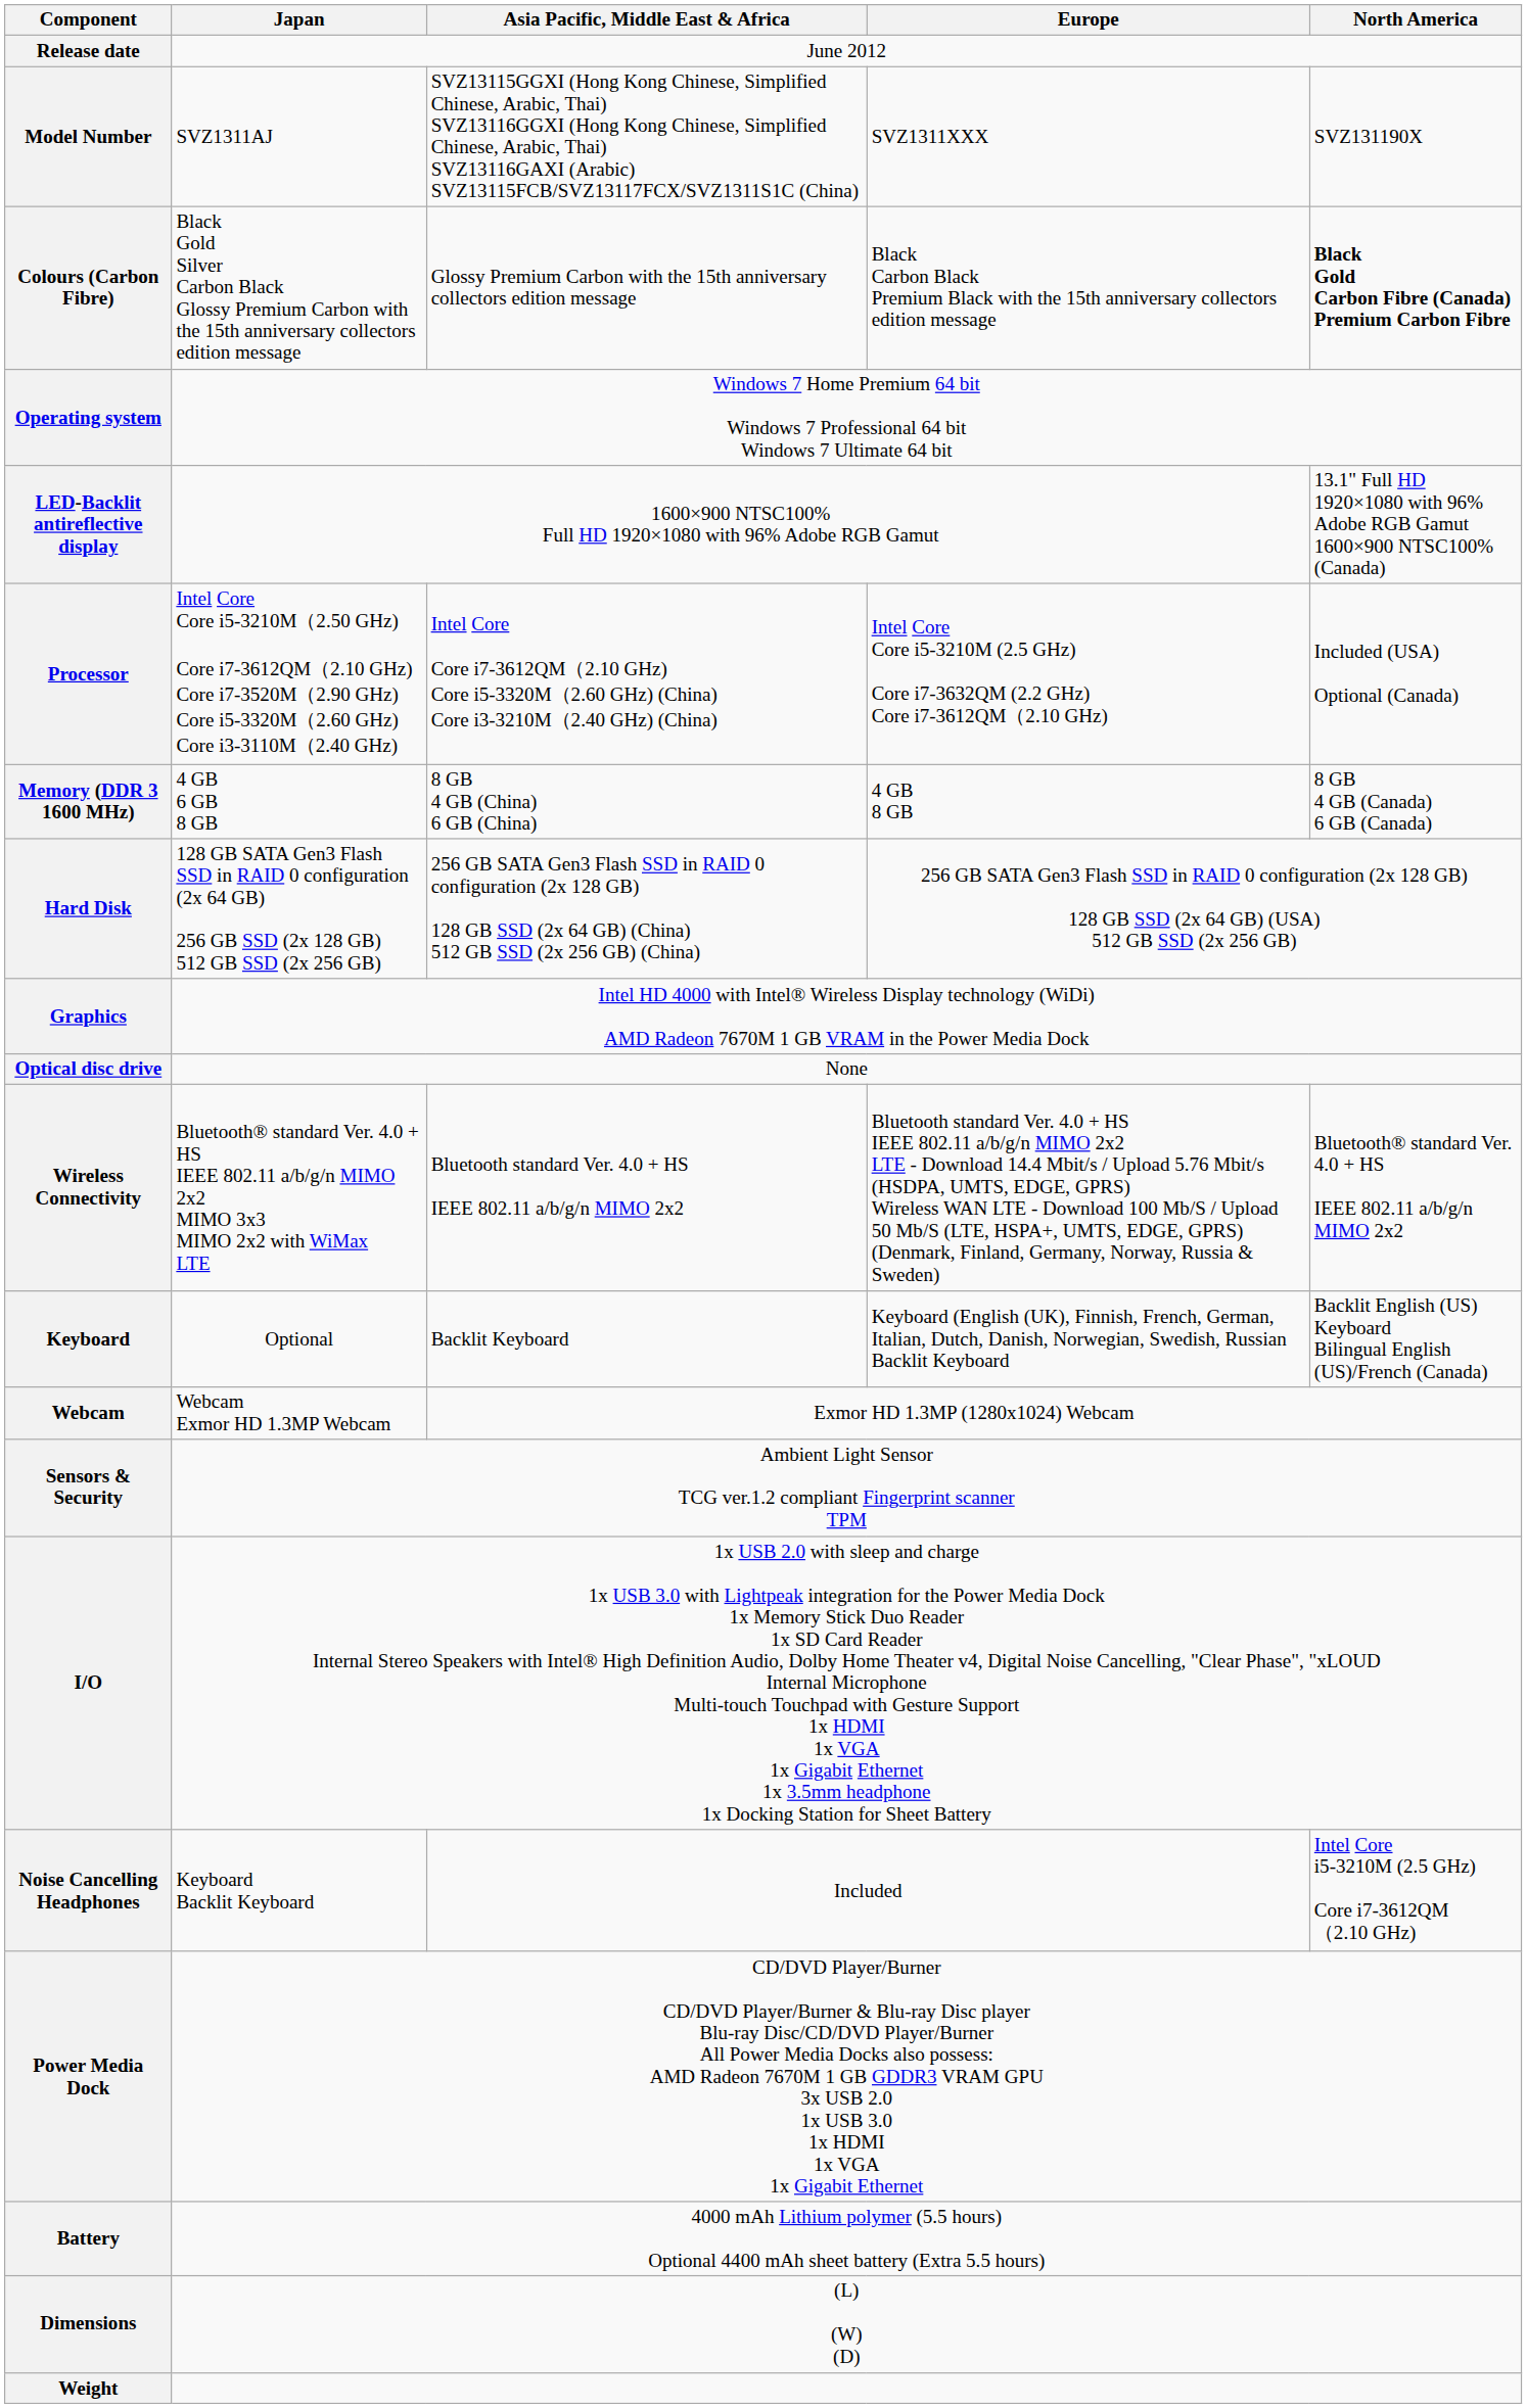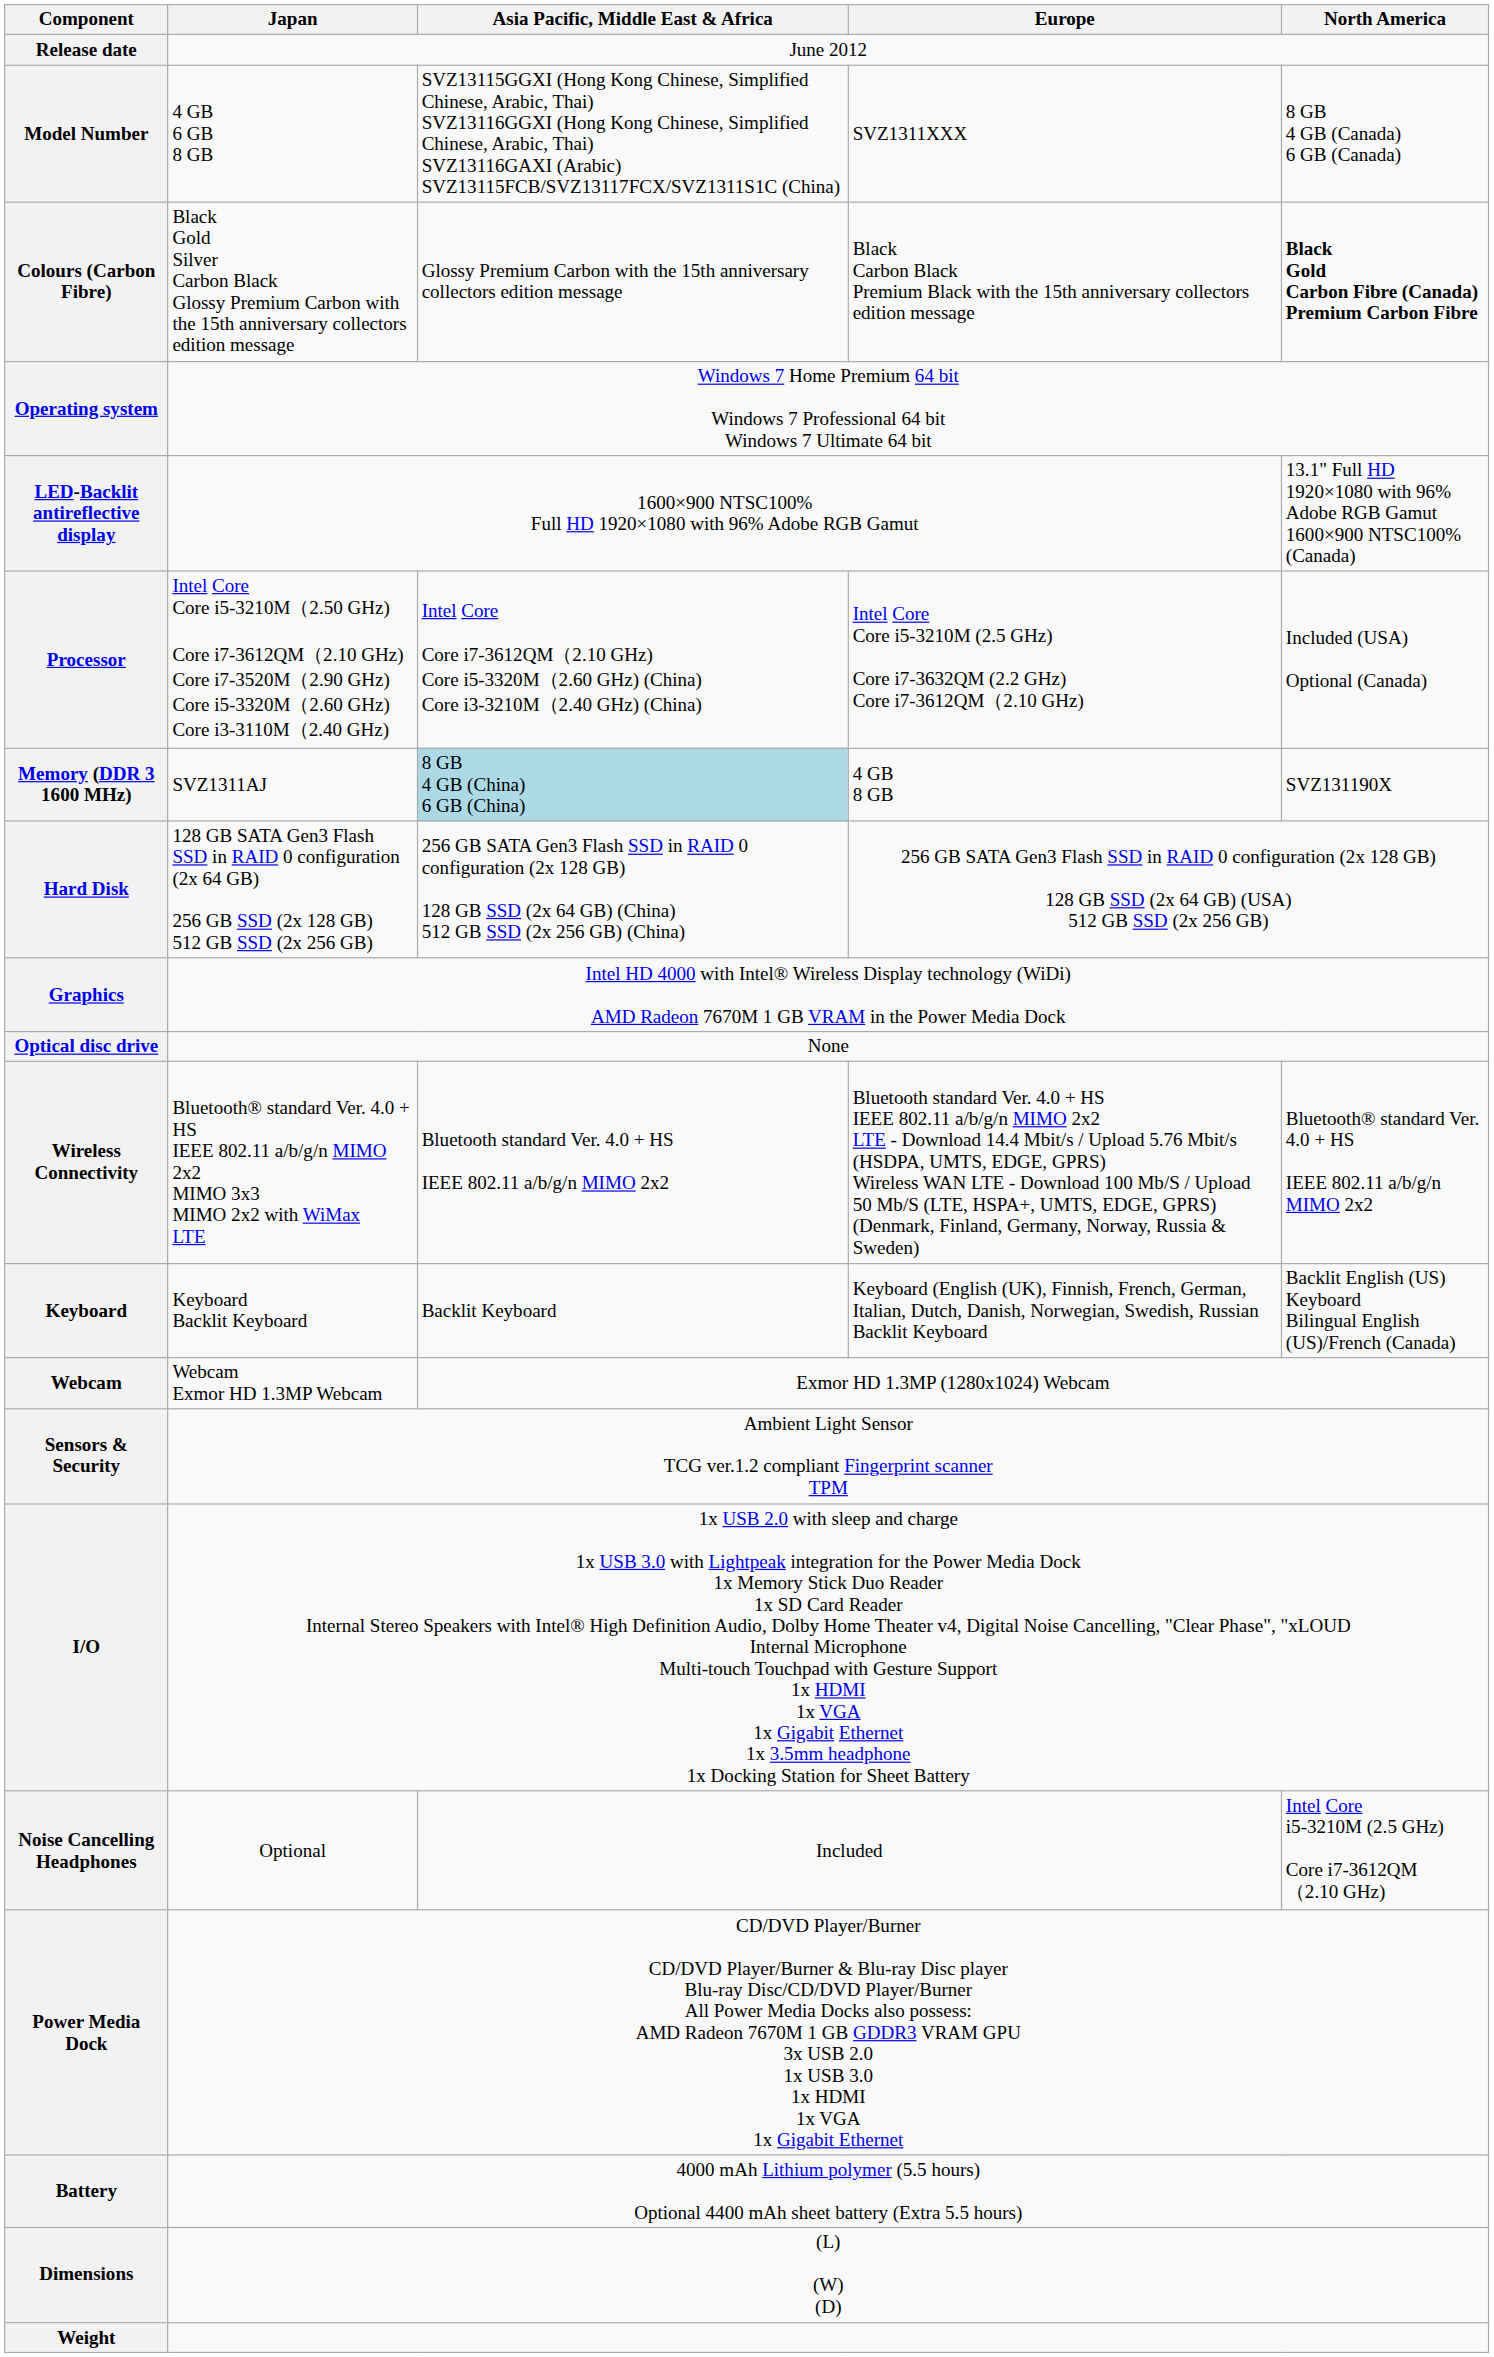 <table class="wikitable">
 <tr>
 <th>Component</th>
 <th>Japan</th>
 <th>Asia Pacific, Middle East & Africa</th>
 <th>Europe</th>
 <th>North America</th>
 </tr>
 <tr>
 <th>Release date</th>
 <td colspan="4" style="text-align: center;">June 2012</td>
 </tr>
 <tr>
 <th>Model Number</th>
-<td>SVZ1311AJ</td>
+<td>4 GB <br>6 GB <br>8 GB</td>
 <td>SVZ13115GGXI (Hong Kong Chinese, Simplified Chinese, Arabic, Thai)<br> SVZ13116GGXI (Hong Kong Chinese, Simplified Chinese, Arabic, Thai) <br>SVZ13116GAXI (Arabic) <br>SVZ13115FCB/SVZ13117FCX/SVZ1311S1C (China) <br></td>
 <td>SVZ1311XXX</td>
-<td>SVZ131190X</td>
+<td>8 GB <br>4 GB (Canada) <br>6 GB (Canada)</td>
 </tr>
 <tr>
 <th>Colours (Carbon Fibre)</th>
 <td>Black <br>Gold <br>Silver <br>Carbon Black <br>Glossy Premium Carbon with the 15th anniversary collectors edition message</td>
 <td>Glossy Premium Carbon with the 15th anniversary collectors edition message</td>
 <td>Black <br> Carbon Black <br>Premium Black with the 15th anniversary collectors edition message</td>
 <td><strong>Black <br> Gold <br>Carbon Fibre (Canada) <br>Premium Carbon Fibre</strong></td>
 </tr>
 <tr>
 <th><a href='#'>Operating system</a></th>
 <td style="text-align:center;" colspan="4"><a href='#'>Windows 7</a> Home Premium <a href='#'>64 bit</a><br><br>Windows 7 Professional 64 bit <br> Windows 7 Ultimate 64 bit</td>
 </tr>
 <tr>
 <th><a href='#'>LED</a>-<a href='#'>Backlit</a> <a href='#'>antireflective</a> <a href='#'>display</a></th>
 <td style="text-align:center;" colspan="3"> 1600×900 NTSC100% <br>  Full <a href='#'>HD</a> 1920×1080 with 96% Adobe RGB Gamut</td>
 <td>13.1" Full <a href='#'>HD</a> 1920×1080 with 96% Adobe RGB Gamut <br> 1600×900 NTSC100% (Canada)</td>
 </tr>
 <tr>
 <th><a href='#'>Processor</a></th>
 <td><a href='#'>Intel</a> <a href='#'>Core</a> <br>Core i5-3210M（2.50 GHz)<br><br>Core i7-3612QM（2.10 GHz)<br> Core i7-3520M（2.90 GHz)<br> Core i5-3320M（2.60 GHz)<br> Core i3-3110M（2.40 GHz)</td>
 <td><a href='#'>Intel</a> <a href='#'>Core</a> <br><br>Core i7-3612QM（2.10 GHz)<br> Core i5-3320M（2.60 GHz) (China)<br> Core i3-3210M（2.40 GHz) (China)</td>
 <td><a href='#'>Intel</a> <a href='#'>Core</a> <br>Core i5-3210M (2.5 GHz) <br><br>Core i7-3632QM (2.2 GHz) <br> Core i7-3612QM（2.10 GHz)</td>
 <td>Included (USA) <br><br>Optional (Canada)</td>
 </tr>
 <tr>
 <th><a href='#'>Memory</a> (<a href='#'>DDR 3</a> 1600 MHz)</th>
-<td>4 GB <br>6 GB <br>8 GB</td>
-<td>8 GB <br>4 GB (China) <br>6 GB (China)</td>
+<td>SVZ1311AJ</td>
+<td style="background: lightblue;">8 GB <br>4 GB (China) <br>6 GB (China)</td>
 <td>4 GB <br>8 GB</td>
-<td>8 GB <br>4 GB (Canada) <br>6 GB (Canada)</td>
+<td>SVZ131190X</td>
 </tr>
 <tr>
 <th><a href='#'>Hard Disk</a></th>
 <td>128 GB SATA Gen3 Flash <a href='#'>SSD</a> in <a href='#'>RAID</a> 0 configuration (2x 64 GB)<br><br>256 GB <a href='#'>SSD</a> (2x 128 GB)<br> 512 GB <a href='#'>SSD</a> (2x 256 GB)<br></td>
 <td>256 GB SATA Gen3 Flash <a href='#'>SSD</a> in <a href='#'>RAID</a> 0 configuration (2x 128 GB)<br><br>128 GB <a href='#'>SSD</a> (2x 64 GB) (China)<br> 512 GB <a href='#'>SSD</a> (2x 256 GB) (China)<br></td>
 <td style="text-align:center;" colspan="4">256 GB SATA Gen3 Flash <a href='#'>SSD</a> in <a href='#'>RAID</a> 0 configuration (2x 128 GB)<br><br>128 GB <a href='#'>SSD</a> (2x 64 GB) (USA)<br> 512 GB <a href='#'>SSD</a> (2x 256 GB)<br></td>
 </tr>
 <tr>
 <th><a href='#'>Graphics</a></th>
 <td style="text-align:center;" colspan="4"><a href='#'>Intel HD 4000</a> with Intel® Wireless Display technology (WiDi)<br><br><a href='#'>AMD Radeon</a> 7670M 1 GB <a href='#'>VRAM</a> in the Power Media Dock</td>
 </tr>
 <tr>
 <th><a href='#'>Optical disc drive</a></th>
 <td style="text-align:center;" colspan="4">None</td>
 </tr>
 <tr>
 <th>Wireless Connectivity</th>
 <td><br>Bluetooth® standard Ver. 4.0 + HS <br> IEEE 802.11 a/b/g/n <a href='#'>MIMO</a> 2x2<br> MIMO 3x3 <br> MIMO 2x2 with <a href='#'>WiMax</a><br> <a href='#'>LTE</a></td>
 <td>Bluetooth standard Ver. 4.0 + HS <br><br>IEEE 802.11 a/b/g/n <a href='#'>MIMO</a> 2x2<br></td>
 <td><br>Bluetooth standard Ver. 4.0 + HS <br> IEEE 802.11 a/b/g/n <a href='#'>MIMO</a> 2x2<br><a href='#'>LTE</a> - Download 14.4 Mbit/s / Upload 5.76 Mbit/s (HSDPA, UMTS, EDGE, GPRS) <br> Wireless WAN LTE - Download 100 Mb/S / Upload 50 Mb/S (LTE, HSPA+, UMTS, EDGE, GPRS) (Denmark, Finland, Germany, Norway, Russia & Sweden)</td>
 <td>Bluetooth® standard Ver. 4.0 + HS <br><br>IEEE 802.11 a/b/g/n <a href='#'>MIMO</a> 2x2<br></td>
 </tr>
 <tr>
 <th>Keyboard</th>
-<td style="text-align:center;">Optional  <br></td>
+<td>Keyboard <br>Backlit Keyboard</td>
 <td>Backlit Keyboard</td>
 <td>Keyboard (English (UK), Finnish, French, German, Italian, Dutch, Danish, Norwegian, Swedish, Russian <br>Backlit Keyboard</td>
 <td>Backlit English (US) Keyboard <br>Bilingual English (US)/French (Canada)</td>
 </tr>
 <tr>
 <th>Webcam</th>
 <td>Webcam<br> Exmor HD 1.3MP Webcam</td>
 <td style="text-align:center;" colspan="3">Exmor HD 1.3MP (1280x1024) Webcam</td>
 </tr>
 <tr>
 <th>Sensors & Security</th>
 <td style="text-align:center;" colspan="4">Ambient Light Sensor <br><br>TCG ver.1.2 compliant <a href='#'>Fingerprint scanner</a> <br> <a href='#'>TPM</a></td>
 </tr>
 <tr>
 <th>I/O</th>
 <td style="text-align:center;" colspan="4">1x <a href='#'>USB 2.0</a> with sleep and charge  <br><br>1x <a href='#'>USB 3.0</a> with <a href='#'>Lightpeak</a> integration for the Power Media Dock <br> 1x Memory Stick Duo Reader <br> 1x SD Card Reader <br> Internal Stereo Speakers with Intel® High Definition Audio, Dolby Home Theater v4, Digital Noise Cancelling, "Clear Phase", "xLOUD<br> Internal Microphone<br> Multi-touch Touchpad with Gesture Support<br> 1x <a href='#'>HDMI</a> <br> 1x <a href='#'>VGA</a> <br> 1x <a href='#'>Gigabit</a> <a href='#'>Ethernet</a> <br> 1x <a href='#'>3.5mm headphone</a> <br> 1x Docking Station for Sheet Battery</td>
 </tr>
 <tr>
 <th>Noise Cancelling Headphones</th>
-<td>Keyboard <br>Backlit Keyboard</td>
+<td style="text-align:center;">Optional  <br></td>
 <td style="text-align:center;" colspan="2">Included  <br></td>
 <td><a href='#'>Intel</a> <a href='#'>Core</a> <br>i5-3210M (2.5 GHz) <br><br>Core i7-3612QM（2.10 GHz)<br></td>
 </tr>
 <tr>
 <th>Power Media Dock</th>
 <td style="text-align:center;" colspan="4">CD/DVD Player/Burner <br><br>CD/DVD Player/Burner & Blu-ray Disc player <br> Blu-ray Disc/CD/DVD Player/Burner<br>All Power Media Docks also possess: <br> AMD Radeon 7670M 1 GB <a href='#'>GDDR3</a> VRAM GPU <br> 3x USB 2.0 <br> 1x USB 3.0 <br> 1x HDMI <br> 1x VGA <br> 1x <a href='#'>Gigabit Ethernet</a></td>
 </tr>
 <tr>
 <th>Battery</th>
 <td style="text-align:center;" colspan="4">4000 mAh <a href='#'>Lithium polymer</a> (5.5 hours)<br><br>Optional 4400 mAh sheet battery (Extra 5.5 hours)</td>
 </tr>
 <tr>
 <th>Dimensions</th>
 <td style="text-align:center;" colspan="4"> (L) <br><br> (W) <br>  (D)</td>
 </tr>
 <tr>
 <th>Weight</th>
 <td style="text-align:center;" colspan="4"></td>
 </tr>
 </table>
